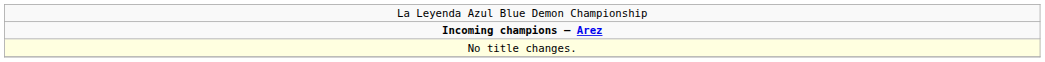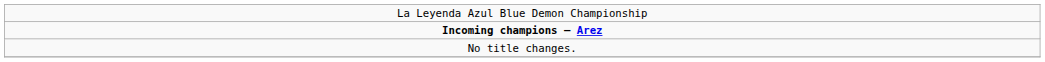 <table class="wikitable" style="text-align:center; width:100%;">
 <tr>
 <td colspan="5" style="text-align: center;">La Leyenda Azul Blue Demon Championship</td>
 </tr>
 <tr>
 <td colspan="5" style="text-align: center;"><strong>Incoming champions – <a href='#'>Arez</a></strong></td>
 </tr>
 <tr>
-<td style="background: lightyellow;">No title changes.</td>
+<td>No title changes.</td>
 </tr>
 <tr>
 </tr>
 </table>
